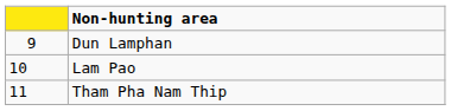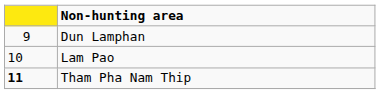 <table class= "wikitable" style= "width:30%; display:inline-table;">
 <tr>
 <td style="width:3%; background:#FDE910;"> </td>
 <td style="width:27%;"><strong>Non-hunting area</strong></td>
 </tr>
 <tr>
 <td>  9</td>
 <td>Dun Lamphan</td>
 </tr>
 <tr>
 <td>10</td>
 <td>Lam Pao</td>
 </tr>
 <tr>
-<td>11</td>
+<td><strong>11</strong></td>
 <td>Tham Pha Nam Thip</td>
 </tr>
 <tr>
 </tr>
 </table>
